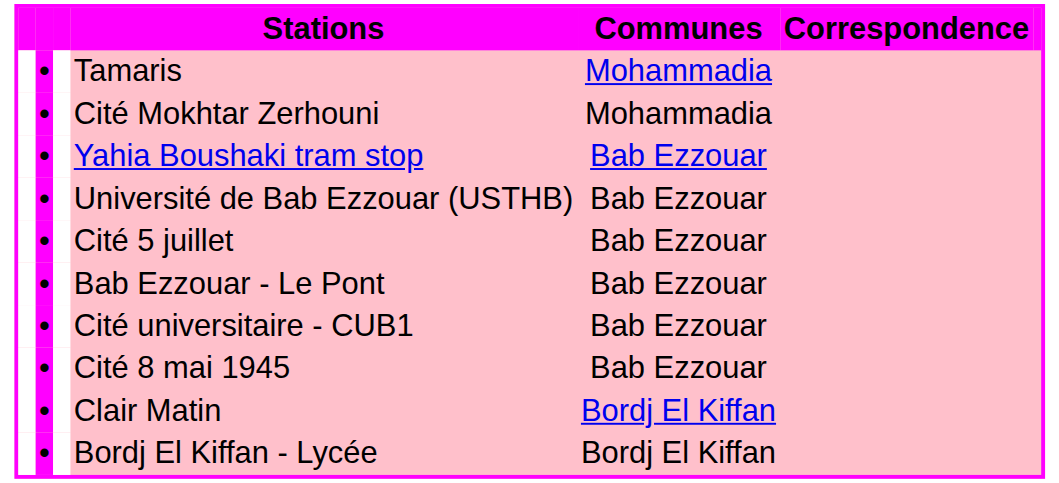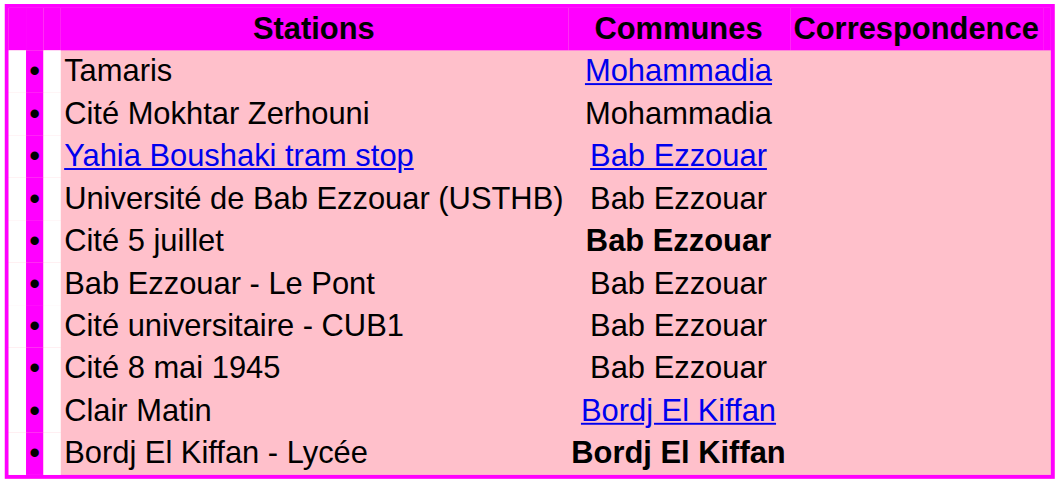 <table cellspacing=0 cellpadding=2 border="0" style="margin:1em auto; border: 2px solid magenta; background-color:pink; text-align:center;">
 <tr bgcolor="magenta">
 <th></th>
 <th> </th>
 <th> </th>
 <th>Stations</th>
 <th>Communes</th>
 <th>Correspondence</th>
 <th></th>
 </tr>
 <tr>
 <td bgcolor="#ffffff"> </td>
 <td bgcolor=magenta>•</td>
 <td bgcolor="#ffffff"> </td>
 <td align=left>Tamaris</td>
 <td><a href='#'>Mohammadia</a></td>
 </tr>
 <tr>
 <td bgcolor="#ffffff"> </td>
 <td bgcolor=magenta>•</td>
 <td bgcolor="#ffffff"> </td>
 <td align=left>Cité Mokhtar Zerhouni</td>
 <td>Mohammadia</td>
 </tr>
 <tr>
 <td bgcolor="#ffffff"> </td>
 <td bgcolor=magenta>•</td>
 <td bgcolor="#ffffff"> </td>
 <td align=left><a href='#'>Yahia Boushaki tram stop</a></td>
 <td><a href='#'>Bab Ezzouar</a></td>
 </tr>
 <tr>
 <td bgcolor="#ffffff"> </td>
 <td bgcolor=magenta>•</td>
 <td bgcolor="#ffffff"> </td>
 <td align=left>Université de Bab Ezzouar (USTHB)</td>
 <td>Bab Ezzouar</td>
 </tr>
 <tr>
 <td bgcolor="#ffffff"> </td>
 <td bgcolor=magenta>•</td>
 <td bgcolor="#ffffff"> </td>
 <td align=left>Cité 5 juillet</td>
-<td>Bab Ezzouar</td>
+<td><strong>Bab Ezzouar</strong></td>
 </tr>
 <tr>
 <td bgcolor="#ffffff"> </td>
 <td bgcolor=magenta>•</td>
 <td bgcolor="#ffffff"> </td>
 <td align=left>Bab Ezzouar - Le Pont</td>
 <td>Bab Ezzouar</td>
 </tr>
 <tr>
 <td bgcolor="#ffffff"> </td>
 <td bgcolor=magenta>•</td>
 <td bgcolor="#ffffff"> </td>
 <td align=left>Cité universitaire - CUB1</td>
 <td>Bab Ezzouar</td>
 </tr>
 <tr>
 <td bgcolor="#ffffff"> </td>
 <td bgcolor=magenta>•</td>
 <td bgcolor="#ffffff"> </td>
 <td align=left>Cité 8 mai 1945</td>
 <td>Bab Ezzouar</td>
 </tr>
 <tr>
 <td bgcolor="#ffffff"> </td>
 <td bgcolor=magenta>•</td>
 <td bgcolor="#ffffff"> </td>
 <td align=left>Clair Matin</td>
 <td><a href='#'>Bordj El Kiffan</a></td>
 </tr>
 <tr>
 <td bgcolor="#ffffff"> </td>
 <td bgcolor=magenta>•</td>
 <td bgcolor="#ffffff"> </td>
 <td align=left>Bordj El Kiffan - Lycée</td>
-<td>Bordj El Kiffan</td>
+<td><strong>Bordj El Kiffan</strong></td>
 </tr>
 </table>
